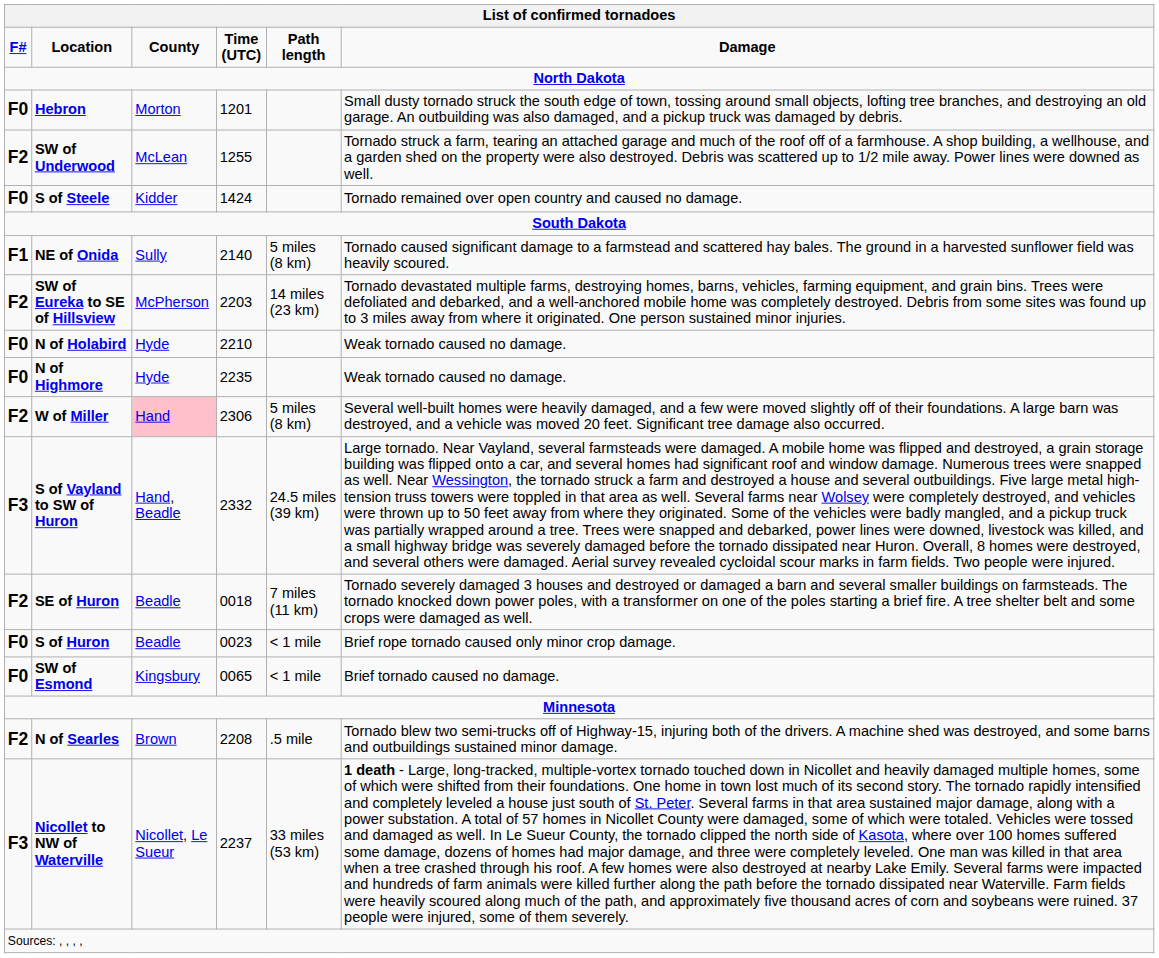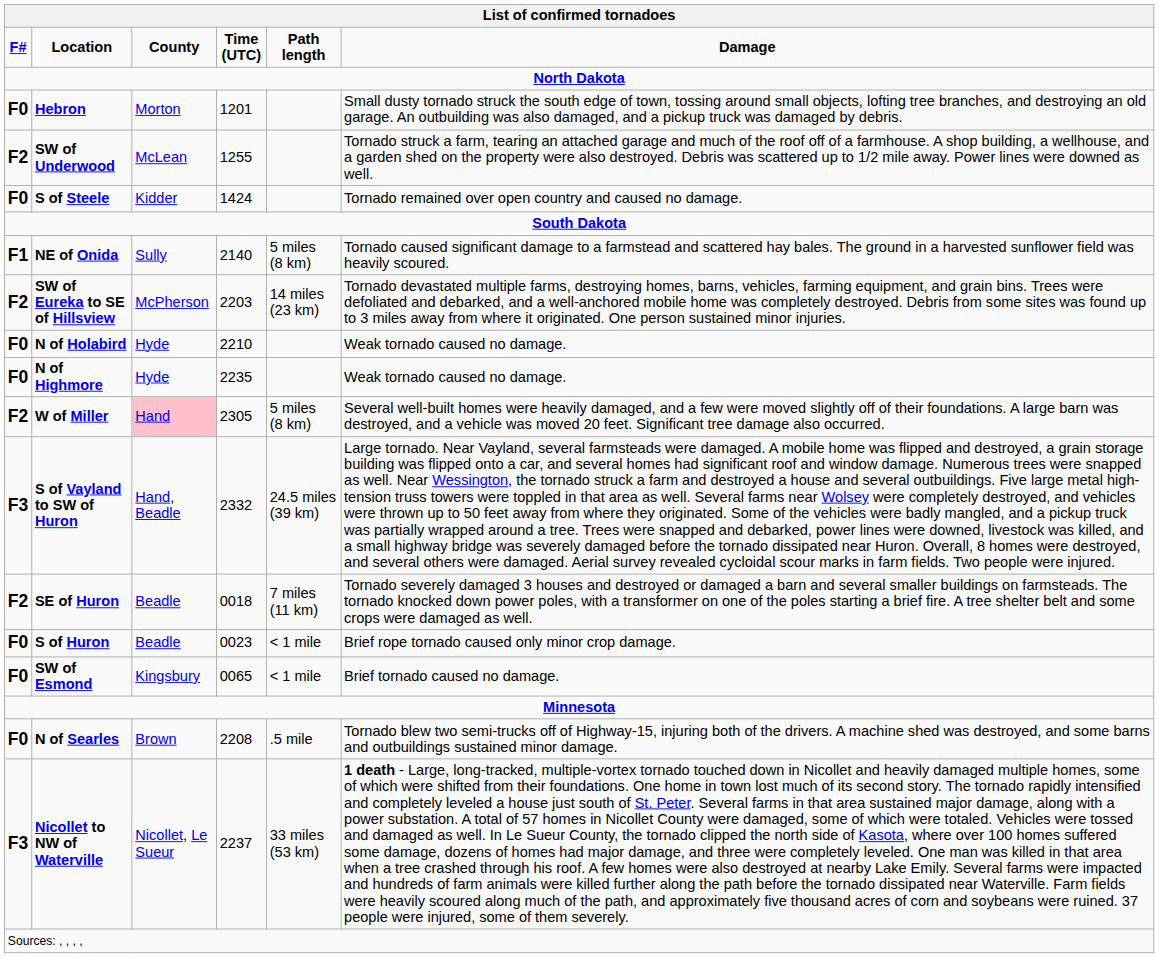 <table class="wikitable toccolours collapsible" width="100%">
 <tr>
 <th colspan="6">List of confirmed tornadoes</th>
 </tr>
 <tr style="text-align:center;">
 <td><strong><a href='#'>F#</a></strong></td>
 <td><strong>Location</strong></td>
 <td><strong>County</strong></td>
 <td><strong>Time (UTC)</strong></td>
 <td><strong>Path length</strong></td>
 <td><strong>Damage</strong></td>
 </tr>
 <tr>
 <td colspan="6" align=center><strong><a href='#'>North Dakota</a></strong></td>
 </tr>
 <tr>
 <td><big><strong>F0</strong></big></td>
 <td><strong><a href='#'>Hebron</a></strong></td>
 <td><a href='#'>Morton</a></td>
 <td>1201</td>
 <td></td>
 <td>Small dusty tornado struck the south edge of town, tossing around small objects, lofting tree branches, and destroying an old garage. An outbuilding was also damaged, and a pickup truck was damaged by debris.</td>
 </tr>
 <tr>
 <td><big><strong>F2</strong></big></td>
 <td><strong>SW of <a href='#'>Underwood</a></strong></td>
 <td><a href='#'>McLean</a></td>
 <td>1255</td>
 <td></td>
 <td>Tornado struck a farm, tearing an attached garage and much of the roof off of a farmhouse. A shop building, a wellhouse, and a garden shed on the property were also destroyed. Debris was scattered up to 1/2 mile away. Power lines were downed as well.</td>
 </tr>
 <tr>
 <td><big><strong>F0</strong></big></td>
 <td><strong>S of <a href='#'>Steele</a></strong></td>
 <td><a href='#'>Kidder</a></td>
 <td>1424</td>
 <td></td>
 <td>Tornado remained over open country and caused no damage.</td>
 </tr>
 <tr>
 <td colspan="6" align=center><strong><a href='#'>South Dakota</a></strong></td>
 </tr>
 <tr>
 <td><big><strong>F1</strong></big></td>
 <td><strong>NE of <a href='#'>Onida</a></strong></td>
 <td><a href='#'>Sully</a></td>
 <td>2140</td>
 <td>5 miles <br>(8 km)</td>
 <td>Tornado caused significant damage to a farmstead and scattered hay bales. The ground in a harvested sunflower field was heavily scoured.</td>
 </tr>
 <tr>
 <td><big><strong>F2</strong></big></td>
 <td><strong>SW of <a href='#'>Eureka</a> to SE of <a href='#'>Hillsview</a></strong></td>
 <td><a href='#'>McPherson</a></td>
 <td>2203</td>
 <td>14 miles <br>(23 km)</td>
 <td>Tornado devastated multiple farms, destroying homes, barns, vehicles, farming equipment, and grain bins. Trees were defoliated and debarked, and a well-anchored mobile home was completely destroyed. Debris from some sites was found up to 3 miles away from where it originated. One person sustained minor injuries.</td>
 </tr>
 <tr>
 <td><big><strong>F0</strong></big></td>
 <td><strong>N of <a href='#'>Holabird</a></strong></td>
 <td><a href='#'>Hyde</a></td>
 <td>2210</td>
 <td></td>
 <td>Weak tornado caused no damage.</td>
 </tr>
 <tr>
 <td><big><strong>F0</strong></big></td>
 <td><strong>N of <a href='#'>Highmore</a></strong></td>
 <td><a href='#'>Hyde</a></td>
 <td>2235</td>
 <td></td>
 <td>Weak tornado caused no damage.</td>
 </tr>
 <tr>
 <td><big><strong>F2</strong></big></td>
 <td><strong>W of <a href='#'>Miller</a></strong></td>
 <td style="background: pink;"><a href='#'>Hand</a></td>
-<td>2306</td>
+<td>2305</td>
 <td>5 miles <br>(8 km)</td>
 <td>Several well-built homes were heavily damaged, and a few were moved slightly off of their foundations. A large barn was destroyed, and a vehicle was moved 20 feet. Significant tree damage also occurred.</td>
 </tr>
 <tr>
 <td><big><strong>F3</strong></big></td>
 <td><strong>S of <a href='#'>Vayland</a> to SW of <a href='#'>Huron</a></strong></td>
 <td><a href='#'>Hand</a>, <a href='#'>Beadle</a></td>
 <td>2332</td>
 <td>24.5 miles <br>(39 km)</td>
 <td>Large tornado. Near Vayland, several farmsteads were damaged. A mobile home was flipped and destroyed, a grain storage building was flipped onto a car, and several homes had significant roof and window damage. Numerous trees were snapped as well. Near <a href='#'>Wessington</a>, the tornado struck a farm and destroyed a house and several outbuildings. Five large metal high-tension truss towers were toppled in that area as well. Several farms near <a href='#'>Wolsey</a> were completely destroyed, and vehicles were thrown up to 50 feet away from where they originated. Some of the vehicles were badly mangled, and a pickup truck was partially wrapped around a tree. Trees were snapped and debarked, power lines were downed, livestock was killed, and a small highway bridge was severely damaged before the tornado dissipated near Huron. Overall, 8 homes were destroyed, and several others were damaged. Aerial survey revealed cycloidal scour marks in farm fields. Two people were injured.</td>
 </tr>
 <tr>
 <td><big><strong>F2</strong></big></td>
 <td><strong>SE of <a href='#'>Huron</a></strong></td>
 <td><a href='#'>Beadle</a></td>
 <td>0018</td>
 <td>7 miles <br>(11 km)</td>
 <td>Tornado severely damaged 3 houses and destroyed or damaged a barn and several smaller buildings on farmsteads. The tornado knocked down power poles, with a transformer on one of the poles starting a brief fire. A tree shelter belt and some crops were damaged as well.</td>
 </tr>
 <tr>
 <td><big><strong>F0</strong></big></td>
 <td><strong>S of <a href='#'>Huron</a></strong></td>
 <td><a href='#'>Beadle</a></td>
 <td>0023</td>
 <td>< 1 mile</td>
 <td>Brief rope tornado caused only minor crop damage.</td>
 </tr>
 <tr>
 <td><big><strong>F0</strong></big></td>
 <td><strong>SW of <a href='#'>Esmond</a></strong></td>
 <td><a href='#'>Kingsbury</a></td>
 <td>0065</td>
 <td>< 1 mile</td>
 <td>Brief tornado caused no damage.</td>
 </tr>
 <tr>
 <td colspan="6" align=center><strong><a href='#'>Minnesota</a></strong></td>
 </tr>
 <tr>
-<td><big><strong>F2</strong></big></td>
+<td><big><strong>F0</strong></big></td>
 <td><strong>N of <a href='#'>Searles</a></strong></td>
 <td><a href='#'>Brown</a></td>
 <td>2208</td>
 <td>.5 mile</td>
 <td>Tornado blew two semi-trucks off of Highway-15, injuring both of the drivers. A machine shed was destroyed, and some barns and outbuildings sustained minor damage.</td>
 </tr>
 <tr>
 <td><big><strong>F3</strong></big></td>
 <td><strong><a href='#'>Nicollet</a> to NW of <a href='#'>Waterville</a></strong></td>
 <td><a href='#'>Nicollet</a>, <a href='#'>Le Sueur</a></td>
 <td>2237</td>
 <td>33 miles <br>(53 km)</td>
 <td><strong>1 death</strong> - Large, long-tracked, multiple-vortex tornado touched down in Nicollet and heavily damaged multiple homes, some of which were shifted from their foundations. One home in town lost much of its second story. The tornado rapidly intensified and completely leveled a house just south of <a href='#'>St. Peter</a>. Several farms in that area sustained major damage, along with a power substation. A total of 57 homes in Nicollet County were damaged, some of which were totaled. Vehicles were tossed and damaged as well. In Le Sueur County, the tornado clipped the north side of <a href='#'>Kasota</a>, where over 100 homes suffered some damage, dozens of homes had major damage, and three were completely leveled. One man was killed in that area when a tree crashed through his roof. A few homes were also destroyed at nearby Lake Emily. Several farms were impacted and hundreds of farm animals were killed further along the path before the tornado dissipated near Waterville. Farm fields were heavily scoured along much of the path, and approximately five thousand acres of corn and soybeans were ruined. 37 people were injured, some of them severely.</td>
 </tr>
 <tr>
 <td colspan="7"><small>Sources: , , , , </small></td>
 </tr>
 </table>
